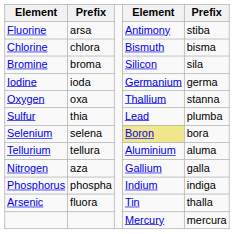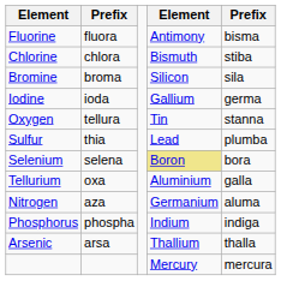 <table class="wikitable" align=right style="margin:0 0 0 0.5em;">
 <tr>
 <th>Element</th>
 <th>Prefix</th>
 <td rowspan=13> </td>
 <th>Element</th>
 <th>Prefix</th>
 </tr>
 <tr>
 <td><a href='#'>Fluorine</a></td>
-<td>arsa</td>
+<td>fluora</td>
 <td><a href='#'>Antimony</a></td>
-<td>stiba</td>
+<td>bisma</td>
 </tr>
 <tr>
 <td><a href='#'>Chlorine</a></td>
 <td>chlora</td>
 <td><a href='#'>Bismuth</a></td>
-<td>bisma</td>
+<td>stiba</td>
 </tr>
 <tr>
 <td><a href='#'>Bromine</a></td>
 <td>broma</td>
 <td><a href='#'>Silicon</a></td>
 <td>sila</td>
 </tr>
 <tr>
 <td><a href='#'>Iodine</a></td>
 <td>ioda</td>
-<td><a href='#'>Germanium</a></td>
+<td><a href='#'>Gallium</a></td>
 <td>germa</td>
 </tr>
 <tr>
 <td><a href='#'>Oxygen</a></td>
-<td>oxa</td>
-<td><a href='#'>Thallium</a></td>
+<td>tellura</td>
+<td><a href='#'>Tin</a></td>
 <td>stanna</td>
 </tr>
 <tr>
 <td><a href='#'>Sulfur</a></td>
 <td>thia</td>
 <td><a href='#'>Lead</a></td>
 <td>plumba</td>
 </tr>
 <tr>
 <td><a href='#'>Selenium</a></td>
 <td>selena</td>
 <td style="background: khaki;"><a href='#'>Boron</a></td>
 <td>bora</td>
 </tr>
 <tr>
 <td><a href='#'>Tellurium</a></td>
-<td>tellura</td>
+<td>oxa</td>
 <td><a href='#'>Aluminium</a></td>
-<td>aluma</td>
+<td>galla</td>
 </tr>
 <tr>
 <td><a href='#'>Nitrogen</a></td>
 <td>aza</td>
-<td><a href='#'>Gallium</a></td>
-<td>galla</td>
+<td><a href='#'>Germanium</a></td>
+<td>aluma</td>
 </tr>
 <tr>
 <td><a href='#'>Phosphorus</a></td>
 <td>phospha</td>
 <td><a href='#'>Indium</a></td>
 <td>indiga</td>
 </tr>
 <tr>
 <td><a href='#'>Arsenic</a></td>
-<td>fluora</td>
-<td><a href='#'>Tin</a></td>
+<td>arsa</td>
+<td><a href='#'>Thallium</a></td>
 <td>thalla</td>
 </tr>
 <tr>
 <td> </td>
 <td> </td>
 <td><a href='#'>Mercury</a></td>
 <td>mercura</td>
 </tr>
 </table>
